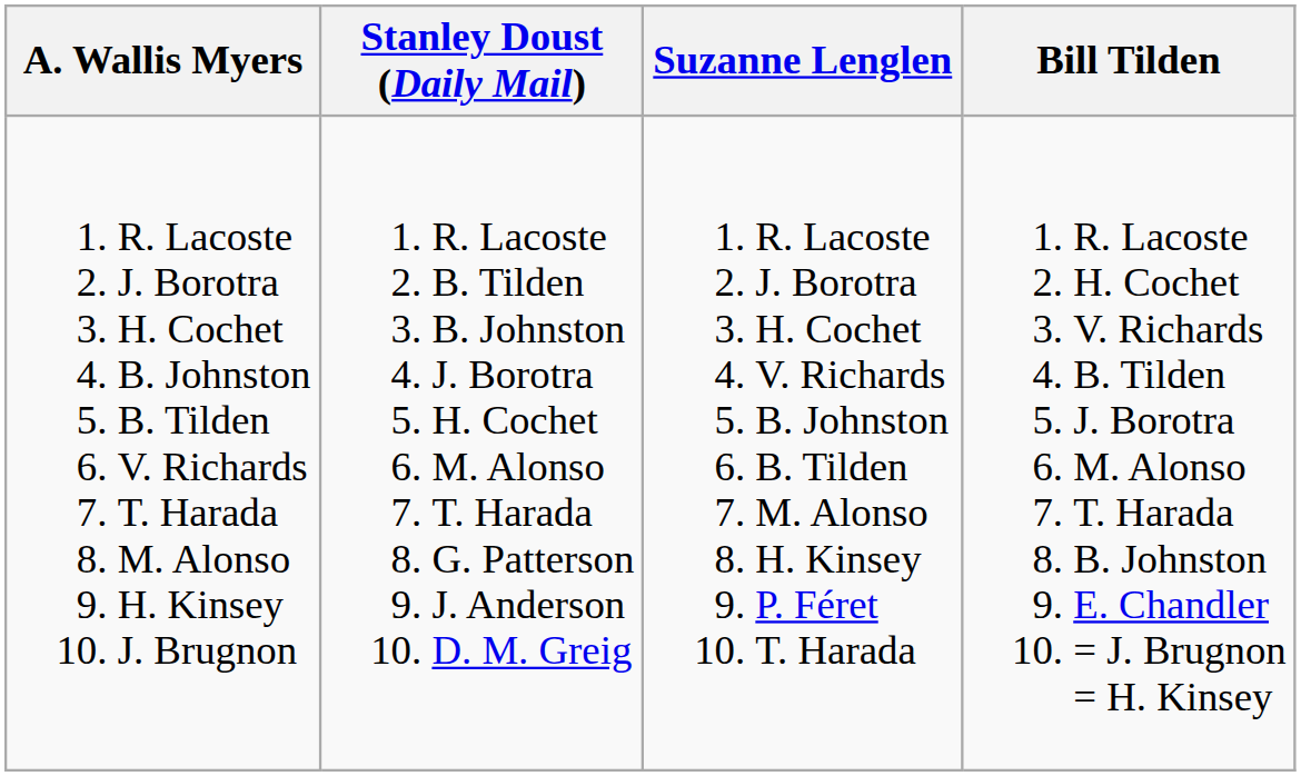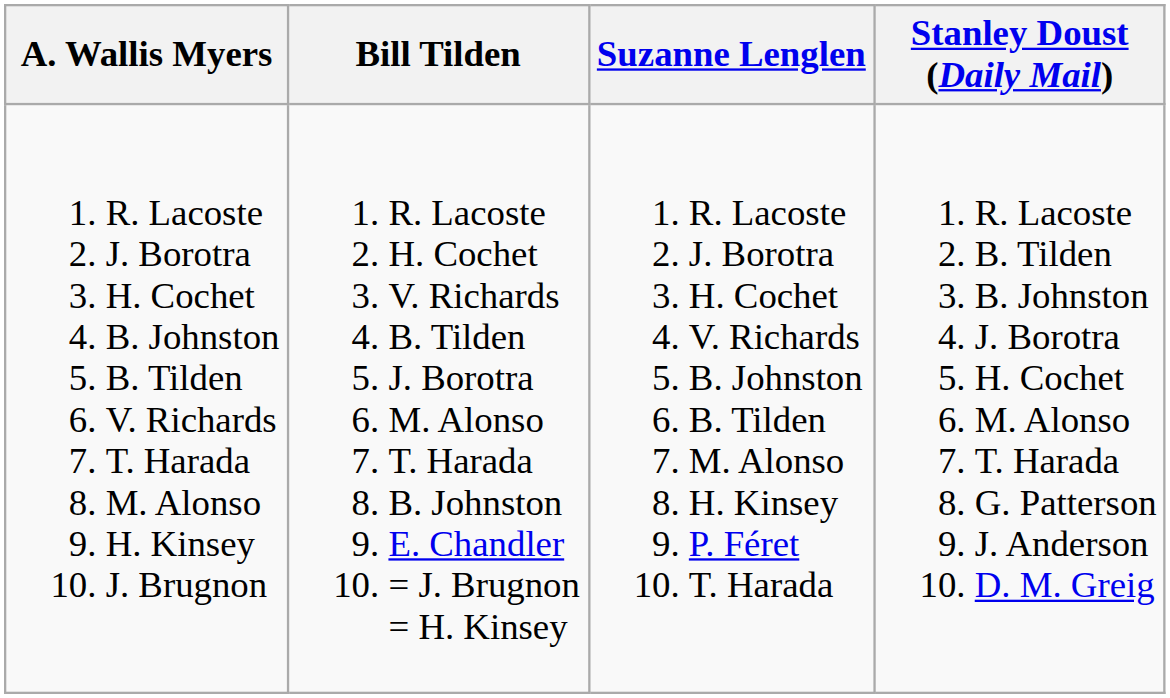 <table class="wikitable">
 <tr>
 <th>A. Wallis Myers</th>
+<th>Bill Tilden</th>
+<th><a href='#'>Suzanne Lenglen</a></th>
 <th><a href='#'>Stanley Doust</a><br>(<em><a href='#'>Daily Mail</a></em>)</th>
-<th><a href='#'>Suzanne Lenglen</a></th>
-<th>Bill Tilden</th>
 </tr>
 <tr style="vertical-align: top;">
 <td style="white-space: nowrap;"><br><ol><li> R. Lacoste</li><li> J. Borotra</li><li> H. Cochet</li><li> B. Johnston</li><li> B. Tilden</li><li> V. Richards</li><li> T. Harada</li><li> M. Alonso</li><li> H. Kinsey</li><li> J. Brugnon</li></ol></td>
+<td style="white-space: nowrap;"><br><ol><li> R. Lacoste</li><li> H. Cochet</li><li> V. Richards</li><li> B. Tilden</li><li> J. Borotra</li><li> M. Alonso</li><li> T. Harada</li><li> B. Johnston</li><li> <a href='#'>E. Chandler</a></li><li>= J. Brugnon<br>= H. Kinsey</li></ol></td>
+<td style="white-space: nowrap;"><br><ol><li> R. Lacoste</li><li> J. Borotra</li><li> H. Cochet</li><li> V. Richards</li><li> B. Johnston</li><li> B. Tilden</li><li> M. Alonso</li><li> H. Kinsey</li><li> <a href='#'>P. Féret</a></li><li> T. Harada</li></ol></td>
 <td style="white-space: nowrap;"><br><ol><li> R. Lacoste</li><li> B. Tilden</li><li> B. Johnston</li><li> J. Borotra</li><li> H. Cochet</li><li> M. Alonso</li><li> T. Harada</li><li> G. Patterson</li><li> J. Anderson</li><li> <a href='#'>D. M. Greig</a></li></ol></td>
-<td style="white-space: nowrap;"><br><ol><li> R. Lacoste</li><li> J. Borotra</li><li> H. Cochet</li><li> V. Richards</li><li> B. Johnston</li><li> B. Tilden</li><li> M. Alonso</li><li> H. Kinsey</li><li> <a href='#'>P. Féret</a></li><li> T. Harada</li></ol></td>
-<td style="white-space: nowrap;"><br><ol><li> R. Lacoste</li><li> H. Cochet</li><li> V. Richards</li><li> B. Tilden</li><li> J. Borotra</li><li> M. Alonso</li><li> T. Harada</li><li> B. Johnston</li><li> <a href='#'>E. Chandler</a></li><li>= J. Brugnon<br>= H. Kinsey</li></ol></td>
 </tr>
 </table>
